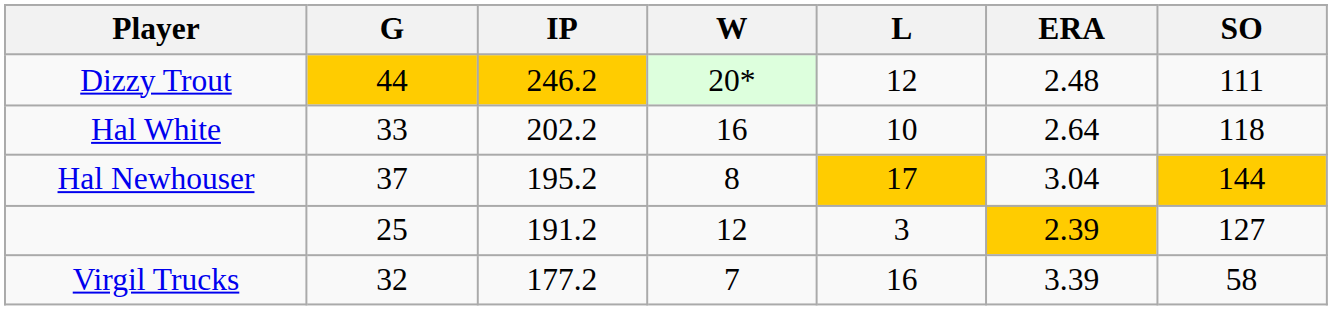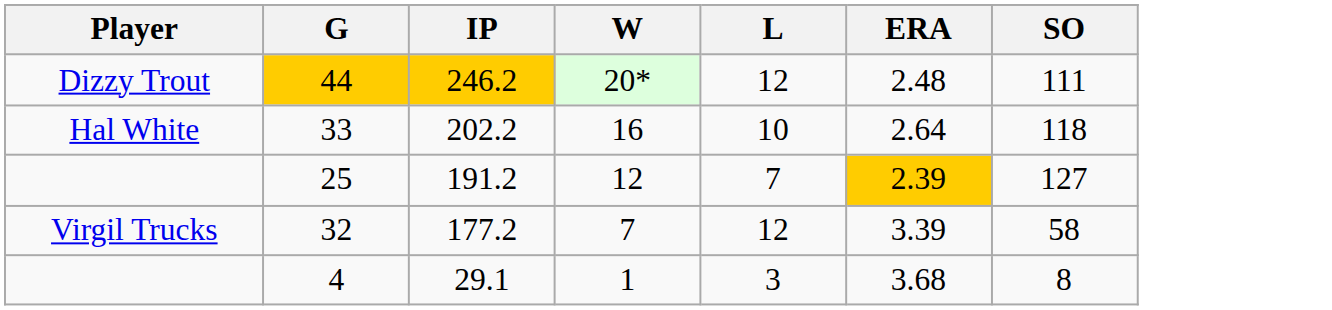 <table class="wikitable sortable">
 <tr>
 <th bgcolor="#DDDDFF" width="16%">Player</th>
 <th bgcolor="#DDDDFF" width="9%">G</th>
 <th bgcolor="#DDDDFF" width="9%">IP</th>
 <th bgcolor="#DDDDFF" width="9%">W</th>
 <th bgcolor="#DDDDFF" width="9%">L</th>
 <th bgcolor="#DDDDFF" width="9%">ERA</th>
 <th bgcolor="#DDDDFF" width="9%">SO</th>
 </tr>
 <tr align="center">
 <td><a href='#'>Dizzy Trout</a></td>
 <td style="background:#fc0;">44</td>
 <td style="background:#fc0;">246.2</td>
 <td style="background:#DDFFDD;">20*</td>
 <td>12</td>
 <td>2.48</td>
 <td>111</td>
 </tr>
 <tr align="center">
 <td><a href='#'>Hal White</a></td>
 <td>33</td>
 <td>202.2</td>
 <td>16</td>
 <td>10</td>
 <td>2.64</td>
 <td>118</td>
 </tr>
 <tr align="center">
-<td><a href='#'>Hal Newhouser</a></td>
-<td>37</td>
-<td>195.2</td>
-<td>8</td>
-<td style="background:#fc0;">17</td>
-<td>3.04</td>
-<td style="background:#fc0;">144</td>
-</tr>
-<tr align="center">
 <td></td>
 <td>25</td>
 <td>191.2</td>
 <td>12</td>
-<td>3</td>
+<td>7</td>
 <td style="background:#fc0;">2.39</td>
 <td>127</td>
 </tr>
 <tr align="center">
 <td><a href='#'>Virgil Trucks</a></td>
 <td>32</td>
 <td>177.2</td>
 <td>7</td>
-<td>16</td>
+<td>12</td>
 <td>3.39</td>
 <td>58</td>
 </tr>
+<tr align="center">
+<td></td>
+<td>4</td>
+<td>29.1</td>
+<td>1</td>
+<td>3</td>
+<td>3.68</td>
+<td>8</td>
+</tr>
 </table>
